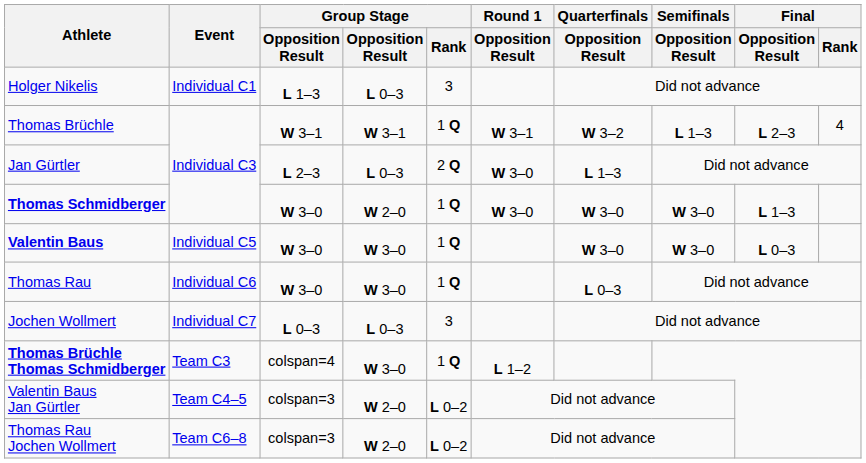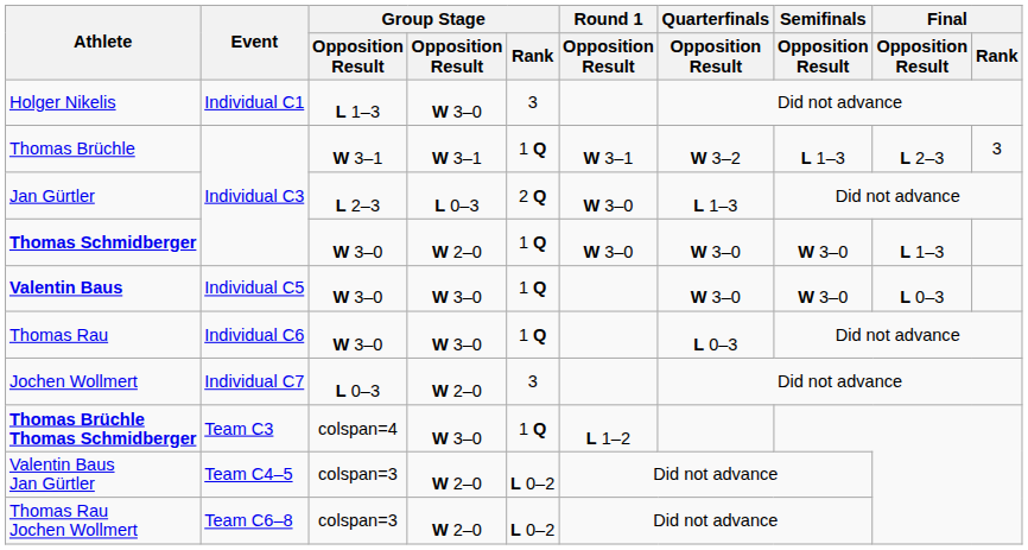 <table class=wikitable style="font-size:90%">
 <tr>
 <th rowspan="2">Athlete</th>
 <th rowspan="2">Event</th>
 <th colspan="3">Group Stage</th>
 <th>Round 1</th>
 <th>Quarterfinals</th>
 <th>Semifinals</th>
 <th colspan="2">Final</th>
 </tr>
 <tr>
 <th>Opposition<br>Result</th>
 <th>Opposition<br>Result</th>
 <th>Rank</th>
 <th>Opposition<br>Result</th>
 <th>Opposition<br>Result</th>
 <th>Opposition<br>Result</th>
 <th>Opposition<br>Result</th>
 <th>Rank</th>
 </tr>
 <tr align=center>
 <td align=left><a href='#'>Holger Nikelis</a></td>
 <td align="left"><a href='#'>Individual C1</a></td>
 <td><br><strong>L</strong> 1–3</td>
-<td><br><strong>L</strong> 0–3</td>
+<td><br><strong>W</strong> 3–0</td>
 <td>3</td>
 <td></td>
 <td colspan=4>Did not advance</td>
 </tr>
 <tr align=center>
 <td align=left><a href='#'>Thomas Brüchle</a></td>
 <td align="left" rowspan=3><a href='#'>Individual C3</a></td>
 <td><br><strong>W</strong> 3–1</td>
 <td><br><strong>W</strong> 3–1</td>
 <td>1 <strong>Q</strong></td>
 <td><br><strong>W</strong> 3–1</td>
 <td><br><strong>W</strong> 3–2</td>
 <td><br><strong>L</strong> 1–3</td>
 <td><br><strong>L</strong> 2–3</td>
-<td>4</td>
+<td>3</td>
 </tr>
 <tr align=center>
 <td align=left><a href='#'>Jan Gürtler</a></td>
 <td><br><strong>L</strong> 2–3</td>
 <td><br><strong>L</strong> 0–3</td>
 <td>2 <strong>Q</strong></td>
 <td><br><strong>W</strong> 3–0</td>
 <td><br><strong>L</strong> 1–3</td>
 <td colspan=3>Did not advance</td>
 </tr>
 <tr align=center>
 <td align=left><strong><a href='#'>Thomas Schmidberger</a></strong></td>
 <td><br><strong>W</strong> 3–0</td>
 <td><br><strong>W</strong> 2–0</td>
 <td>1 <strong>Q</strong></td>
 <td><br><strong>W</strong> 3–0</td>
 <td><br><strong>W</strong> 3–0</td>
 <td><br><strong>W</strong> 3–0</td>
 <td><br><strong>L</strong> 1–3</td>
 <td></td>
 </tr>
 <tr align=center>
 <td align=left><strong><a href='#'>Valentin Baus</a></strong></td>
 <td align="left"><a href='#'>Individual C5</a></td>
 <td><br><strong>W</strong> 3–0</td>
 <td><br><strong>W</strong> 3–0</td>
 <td>1 <strong>Q</strong></td>
 <td></td>
 <td><br><strong>W</strong> 3–0</td>
 <td><br><strong>W</strong> 3–0</td>
 <td><br><strong>L</strong> 0–3</td>
 <td></td>
 </tr>
 <tr align=center>
 <td align=left><a href='#'>Thomas Rau</a></td>
 <td align="left"><a href='#'>Individual C6</a></td>
 <td><br><strong>W</strong> 3–0</td>
 <td><br><strong>W</strong> 3–0</td>
 <td>1 <strong>Q</strong></td>
 <td></td>
 <td><br><strong>L</strong> 0–3</td>
 <td colspan=3>Did not advance</td>
 </tr>
 <tr align=center>
 <td align=left><a href='#'>Jochen Wollmert</a></td>
 <td align="left"><a href='#'>Individual C7</a></td>
 <td><br><strong>L</strong> 0–3</td>
-<td><br><strong>L</strong> 0–3</td>
+<td><br><strong>W</strong> 2–0</td>
 <td>3</td>
 <td></td>
 <td colspan=4>Did not advance</td>
 </tr>
 <tr align=center>
 <td align=left><strong><a href='#'>Thomas Brüchle</a><br><a href='#'>Thomas Schmidberger</a></strong></td>
 <td align="left"><a href='#'>Team C3</a></td>
 <td>colspan=4</td>
 <td><br><strong>W</strong> 3–0</td>
 <td>1 <strong>Q</strong></td>
 <td><br><strong>L</strong> 1–2</td>
 <td></td>
 </tr>
 <tr align=center>
 <td align=left><a href='#'>Valentin Baus</a><br><a href='#'>Jan Gürtler</a></td>
 <td align="left"><a href='#'>Team C4–5</a></td>
 <td>colspan=3</td>
 <td><br><strong>W</strong> 2–0</td>
 <td><br><strong>L</strong> 0–2</td>
 <td colspan=3>Did not advance</td>
 </tr>
 <tr align=center>
 <td align=left><a href='#'>Thomas Rau</a><br><a href='#'>Jochen Wollmert</a></td>
 <td align="left"><a href='#'>Team C6–8</a></td>
 <td>colspan=3</td>
 <td><br><strong>W</strong> 2–0</td>
 <td><br><strong>L</strong> 0–2</td>
 <td colspan=3>Did not advance</td>
 </tr>
 </table>
